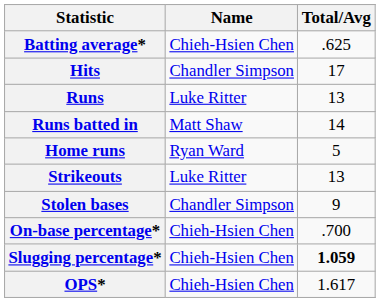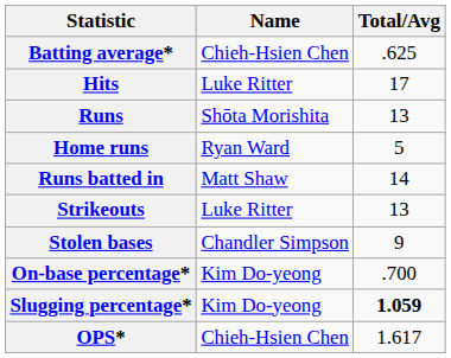 <table class="wikitable plainrowheaders">
 <tr>
 <th scope="col">Statistic</th>
 <th scope="col">Name</th>
 <th scope="col">Total/Avg</th>
 </tr>
 <tr>
 <th scope="row"><a href='#'>Batting average</a>*</th>
 <td> <a href='#'>Chieh-Hsien Chen</a></td>
 <td align=center>.625</td>
 </tr>
 <tr>
 <th scope="row"><a href='#'>Hits</a></th>
-<td> <a href='#'>Chandler Simpson</a></td>
+<td> <a href='#'>Luke Ritter</a></td>
 <td align=center>17</td>
 </tr>
 <tr>
 <th scope="row"><a href='#'>Runs</a></th>
-<td> <a href='#'>Luke Ritter</a></td>
+<td> <a href='#'>Shōta Morishita</a></td>
 <td align=center>13</td>
+</tr>
+<tr>
+<th scope="row"><a href='#'>Home runs</a></th>
+<td> <a href='#'>Ryan Ward</a></td>
+<td align=center>5</td>
 </tr>
 <tr>
 <th scope="row"><a href='#'>Runs batted in</a></th>
 <td> <a href='#'>Matt Shaw</a></td>
 <td align=center>14</td>
-</tr>
-<tr>
-<th scope="row"><a href='#'>Home runs</a></th>
-<td> <a href='#'>Ryan Ward</a></td>
-<td align=center>5</td>
 </tr>
 <tr>
 <th scope="row"><a href='#'>Strikeouts</a></th>
 <td> <a href='#'>Luke Ritter</a></td>
 <td align=center>13</td>
 </tr>
 <tr>
 <th scope="row"><a href='#'>Stolen bases</a></th>
 <td> <a href='#'>Chandler Simpson</a></td>
 <td align=center>9</td>
 </tr>
 <tr>
 <th scope="row"><a href='#'>On-base percentage</a>*</th>
-<td> <a href='#'>Chieh-Hsien Chen</a></td>
+<td> <a href='#'>Kim Do-yeong</a></td>
 <td align=center>.700</td>
 </tr>
 <tr>
 <th scope="row"><a href='#'>Slugging percentage</a>*</th>
-<td> <a href='#'>Chieh-Hsien Chen</a></td>
+<td> <a href='#'>Kim Do-yeong</a></td>
 <td align=center><strong>1.059</strong></td>
 </tr>
 <tr>
 <th scope="row"><a href='#'>OPS</a>*</th>
 <td> <a href='#'>Chieh-Hsien Chen</a></td>
 <td align=center>1.617</td>
 </tr>
 </table>
